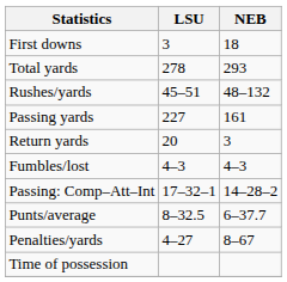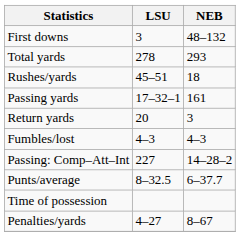 <table class="wikitable" style="float: left;">
 <tr>
 <th>Statistics</th>
 <th>LSU</th>
 <th>NEB</th>
 </tr>
 <tr>
 <td>First downs</td>
 <td>3</td>
-<td>18</td>
+<td>48–132</td>
 </tr>
 <tr>
 <td>Total yards</td>
 <td>278</td>
 <td>293</td>
 </tr>
 <tr>
 <td>Rushes/yards</td>
 <td>45–51</td>
-<td>48–132</td>
+<td>18</td>
 </tr>
 <tr>
 <td>Passing yards</td>
-<td>227</td>
+<td>17–32–1</td>
 <td>161</td>
 </tr>
 <tr>
 <td>Return yards</td>
 <td>20</td>
 <td>3</td>
 </tr>
 <tr>
 <td>Fumbles/lost</td>
 <td>4–3</td>
 <td>4–3</td>
 </tr>
 <tr>
 <td>Passing: Comp–Att–Int</td>
-<td>17–32–1</td>
+<td>227</td>
 <td>14–28–2</td>
 </tr>
 <tr>
 <td>Punts/average</td>
 <td>8–32.5</td>
 <td>6–37.7</td>
 </tr>
 <tr>
+<td>Time of possession</td>
+<td></td>
+<td></td>
+</tr>
+<tr>
 <td>Penalties/yards</td>
 <td>4–27</td>
 <td>8–67</td>
 </tr>
 <tr>
-<td>Time of possession</td>
-<td></td>
-<td></td>
-</tr>
-<tr>
 </tr>
 </table>
